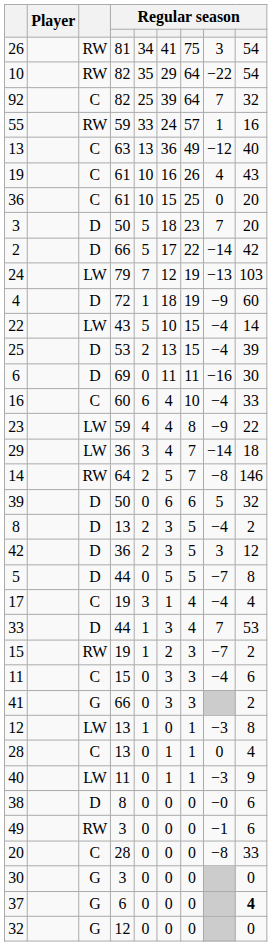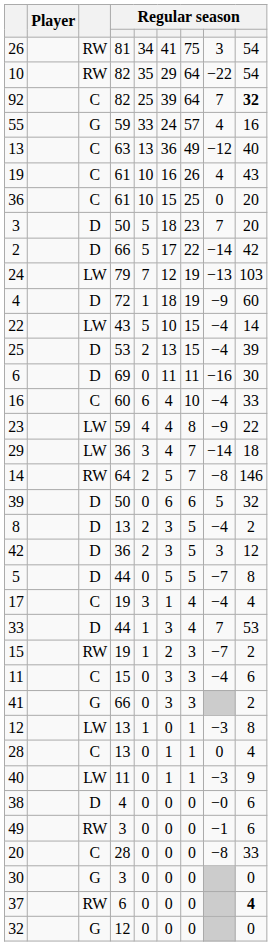 <table class="wikitable sortable plainrowheaders" style="text-align:center;">
 <tr>
 <th scope="col" data-sort-type="number" rowspan="2"></th>
 <th scope="col" rowspan="2">Player</th>
 <th scope="col" rowspan="2"></th>
 <th scope=colgroup colspan=6>Regular season</th>
 </tr>
 <tr>
 <th scope="col" data-sort-type="number"></th>
 <th scope="col" data-sort-type="number"></th>
 <th scope="col" data-sort-type="number"></th>
 <th scope="col" data-sort-type="number"></th>
 <th scope="col" data-sort-type="number"></th>
 <th scope="col" data-sort-type="number"></th>
 </tr>
 <tr>
 <td scope="row">26</td>
 <td align="left"></td>
 <td>RW</td>
 <td>81</td>
 <td>34</td>
 <td>41</td>
 <td>75</td>
 <td>3</td>
 <td>54</td>
 </tr>
 <tr>
 <td scope="row">10</td>
 <td align="left"></td>
 <td>RW</td>
 <td>82</td>
 <td>35</td>
 <td>29</td>
 <td>64</td>
 <td>−22</td>
 <td>54</td>
 </tr>
 <tr>
 <td scope="row">92</td>
 <td align="left"></td>
 <td>C</td>
 <td>82</td>
 <td>25</td>
 <td>39</td>
 <td>64</td>
 <td>7</td>
-<td>32</td>
+<td><strong>32</strong></td>
 </tr>
 <tr>
 <td scope="row">55</td>
 <td align="left"></td>
-<td>RW</td>
+<td>G</td>
 <td>59</td>
 <td>33</td>
 <td>24</td>
 <td>57</td>
-<td>1</td>
+<td>4</td>
 <td>16</td>
 </tr>
 <tr>
 <td scope="row">13</td>
 <td align="left"></td>
 <td>C</td>
 <td>63</td>
 <td>13</td>
 <td>36</td>
 <td>49</td>
 <td>−12</td>
 <td>40</td>
 </tr>
 <tr>
 <td scope="row">19</td>
 <td align="left"></td>
 <td>C</td>
 <td>61</td>
 <td>10</td>
 <td>16</td>
 <td>26</td>
 <td>4</td>
 <td>43</td>
 </tr>
 <tr>
 <td scope="row">36</td>
 <td align="left"></td>
 <td>C</td>
 <td>61</td>
 <td>10</td>
 <td>15</td>
 <td>25</td>
 <td>0</td>
 <td>20</td>
 </tr>
 <tr>
 <td scope="row">3</td>
 <td align="left"></td>
 <td>D</td>
 <td>50</td>
 <td>5</td>
 <td>18</td>
 <td>23</td>
 <td>7</td>
 <td>20</td>
 </tr>
 <tr>
 <td scope="row">2</td>
 <td align="left"></td>
 <td>D</td>
 <td>66</td>
 <td>5</td>
 <td>17</td>
 <td>22</td>
 <td>−14</td>
 <td>42</td>
 </tr>
 <tr>
 <td scope="row">24</td>
 <td align="left"></td>
 <td>LW</td>
 <td>79</td>
 <td>7</td>
 <td>12</td>
 <td>19</td>
 <td>−13</td>
 <td>103</td>
 </tr>
 <tr>
 <td scope="row">4</td>
 <td align="left"></td>
 <td>D</td>
 <td>72</td>
 <td>1</td>
 <td>18</td>
 <td>19</td>
 <td>−9</td>
 <td>60</td>
 </tr>
 <tr>
 <td scope="row">22</td>
 <td align="left"></td>
 <td>LW</td>
 <td>43</td>
 <td>5</td>
 <td>10</td>
 <td>15</td>
 <td>−4</td>
 <td>14</td>
 </tr>
 <tr>
 <td scope="row">25</td>
 <td align="left"></td>
 <td>D</td>
 <td>53</td>
 <td>2</td>
 <td>13</td>
 <td>15</td>
 <td>−4</td>
 <td>39</td>
 </tr>
 <tr>
 <td scope="row">6</td>
 <td align="left"></td>
 <td>D</td>
 <td>69</td>
 <td>0</td>
 <td>11</td>
 <td>11</td>
 <td>−16</td>
 <td>30</td>
 </tr>
 <tr>
 <td scope="row">16</td>
 <td align="left"></td>
 <td>C</td>
 <td>60</td>
 <td>6</td>
 <td>4</td>
 <td>10</td>
 <td>−4</td>
 <td>33</td>
 </tr>
 <tr>
 <td scope="row">23</td>
 <td align="left"></td>
 <td>LW</td>
 <td>59</td>
 <td>4</td>
 <td>4</td>
 <td>8</td>
 <td>−9</td>
 <td>22</td>
 </tr>
 <tr>
 <td scope="row">29</td>
 <td align="left"></td>
 <td>LW</td>
 <td>36</td>
 <td>3</td>
 <td>4</td>
 <td>7</td>
 <td>−14</td>
 <td>18</td>
 </tr>
 <tr>
 <td scope="row">14</td>
 <td align="left"></td>
 <td>RW</td>
 <td>64</td>
 <td>2</td>
 <td>5</td>
 <td>7</td>
 <td>−8</td>
 <td>146</td>
 </tr>
 <tr>
 <td scope="row">39</td>
 <td align="left"></td>
 <td>D</td>
 <td>50</td>
 <td>0</td>
 <td>6</td>
 <td>6</td>
 <td>5</td>
 <td>32</td>
 </tr>
 <tr>
 <td scope="row">8</td>
 <td align="left"></td>
 <td>D</td>
 <td>13</td>
 <td>2</td>
 <td>3</td>
 <td>5</td>
 <td>−4</td>
 <td>2</td>
 </tr>
 <tr>
 <td scope="row">42</td>
 <td align="left"></td>
 <td>D</td>
 <td>36</td>
 <td>2</td>
 <td>3</td>
 <td>5</td>
 <td>3</td>
 <td>12</td>
 </tr>
 <tr>
 <td scope="row">5</td>
 <td align="left"></td>
 <td>D</td>
 <td>44</td>
 <td>0</td>
 <td>5</td>
 <td>5</td>
 <td>−7</td>
 <td>8</td>
 </tr>
 <tr>
 <td scope="row">17</td>
 <td align="left"></td>
 <td>C</td>
 <td>19</td>
 <td>3</td>
 <td>1</td>
 <td>4</td>
 <td>−4</td>
 <td>4</td>
 </tr>
 <tr>
 <td scope="row">33</td>
 <td align="left"></td>
 <td>D</td>
 <td>44</td>
 <td>1</td>
 <td>3</td>
 <td>4</td>
 <td>7</td>
 <td>53</td>
 </tr>
 <tr>
 <td scope="row">15</td>
 <td align="left"></td>
 <td>RW</td>
 <td>19</td>
 <td>1</td>
 <td>2</td>
 <td>3</td>
 <td>−7</td>
 <td>2</td>
 </tr>
 <tr>
 <td scope="row">11</td>
 <td align="left"></td>
 <td>C</td>
 <td>15</td>
 <td>0</td>
 <td>3</td>
 <td>3</td>
 <td>−4</td>
 <td>6</td>
 </tr>
 <tr>
 <td scope="row">41</td>
 <td align="left"></td>
 <td>G</td>
 <td>66</td>
 <td>0</td>
 <td>3</td>
 <td>3</td>
 <td style="background:#ccc"></td>
 <td>2</td>
 </tr>
 <tr>
 <td scope="row">12</td>
 <td align="left"></td>
 <td>LW</td>
 <td>13</td>
 <td>1</td>
 <td>0</td>
 <td>1</td>
 <td>−3</td>
 <td>8</td>
 </tr>
 <tr>
 <td scope="row">28</td>
 <td align="left"></td>
 <td>C</td>
 <td>13</td>
 <td>0</td>
 <td>1</td>
 <td>1</td>
 <td>0</td>
 <td>4</td>
 </tr>
 <tr>
 <td scope="row">40</td>
 <td align="left"></td>
 <td>LW</td>
 <td>11</td>
 <td>0</td>
 <td>1</td>
 <td>1</td>
 <td>−3</td>
 <td>9</td>
 </tr>
 <tr>
 <td scope="row">38</td>
 <td align="left"></td>
 <td>D</td>
-<td>8</td>
+<td>4</td>
 <td>0</td>
 <td>0</td>
 <td>0</td>
 <td>−0</td>
 <td>6</td>
 </tr>
 <tr>
 <td scope="row">49</td>
 <td align="left"></td>
 <td>RW</td>
 <td>3</td>
 <td>0</td>
 <td>0</td>
 <td>0</td>
 <td>−1</td>
 <td>6</td>
 </tr>
 <tr>
 <td scope="row">20</td>
 <td align="left"></td>
 <td>C</td>
 <td>28</td>
 <td>0</td>
 <td>0</td>
 <td>0</td>
 <td>−8</td>
 <td>33</td>
 </tr>
 <tr>
 <td scope="row">30</td>
 <td align="left"></td>
 <td>G</td>
 <td>3</td>
 <td>0</td>
 <td>0</td>
 <td>0</td>
 <td style="background:#ccc"></td>
 <td>0</td>
 </tr>
 <tr>
 <td scope="row">37</td>
 <td align="left"></td>
-<td>G</td>
+<td>RW</td>
 <td>6</td>
 <td>0</td>
 <td>0</td>
 <td>0</td>
 <td style="background:#ccc"></td>
 <td><strong>4</strong></td>
 </tr>
 <tr>
 <td scope="row">32</td>
 <td align="left"></td>
 <td>G</td>
 <td>12</td>
 <td>0</td>
 <td>0</td>
 <td>0</td>
 <td style="background:#ccc"></td>
 <td>0</td>
 </tr>
 </table>
